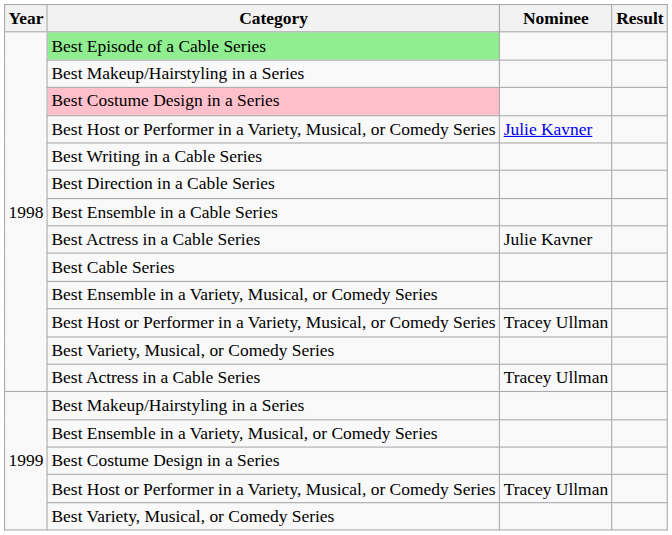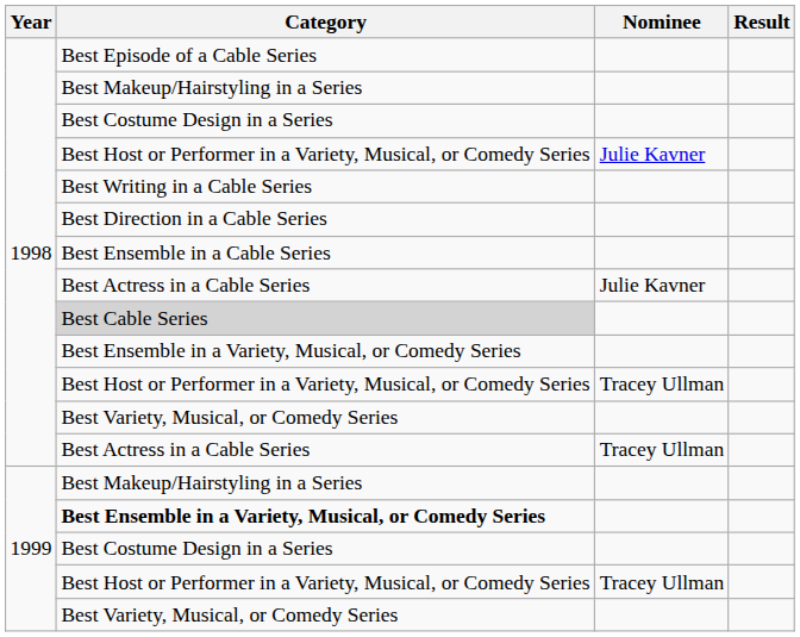 <table class="wikitable">
 <tr>
 <th>Year</th>
 <th>Category</th>
 <th>Nominee</th>
 <th>Result</th>
 </tr>
 <tr>
 <td rowspan=13>1998</td>
-<td style="background: lightgreen;">Best Episode of a Cable Series</td>
+<td>Best Episode of a Cable Series</td>
 <td></td>
 <td></td>
 </tr>
 <tr>
 <td>Best Makeup/Hairstyling in a Series</td>
 <td></td>
 <td></td>
 </tr>
 <tr>
-<td style="background: pink;">Best Costume Design in a Series</td>
+<td>Best Costume Design in a Series</td>
 <td></td>
 <td></td>
 </tr>
 <tr>
 <td>Best Host or Performer in a Variety, Musical, or Comedy Series</td>
 <td><a href='#'>Julie Kavner</a></td>
 <td></td>
 </tr>
 <tr>
 <td>Best Writing in a Cable Series</td>
 <td></td>
 <td></td>
 </tr>
 <tr>
 <td>Best Direction in a Cable Series</td>
 <td></td>
 <td></td>
 </tr>
 <tr>
 <td>Best Ensemble in a Cable Series</td>
 <td></td>
 <td></td>
 </tr>
 <tr>
 <td>Best Actress in a Cable Series</td>
 <td>Julie Kavner</td>
 <td></td>
 </tr>
 <tr>
-<td>Best Cable Series</td>
+<td style="background: lightgrey;">Best Cable Series</td>
 <td></td>
 <td></td>
 </tr>
 <tr>
 <td>Best Ensemble in a Variety, Musical, or Comedy Series</td>
 <td></td>
 <td></td>
 </tr>
 <tr>
 <td>Best Host or Performer in a Variety, Musical, or Comedy Series</td>
 <td>Tracey Ullman</td>
 <td></td>
 </tr>
 <tr>
 <td>Best Variety, Musical, or Comedy Series</td>
 <td></td>
 <td></td>
 </tr>
 <tr>
 <td>Best Actress in a Cable Series</td>
 <td>Tracey Ullman</td>
 <td></td>
 </tr>
 <tr>
 <td rowspan=5>1999</td>
 <td>Best Makeup/Hairstyling in a Series</td>
 <td></td>
 <td></td>
 </tr>
 <tr>
-<td>Best Ensemble in a Variety, Musical, or Comedy Series</td>
+<td><strong>Best Ensemble in a Variety, Musical, or Comedy Series</strong></td>
 <td></td>
 <td></td>
 </tr>
 <tr>
 <td>Best Costume Design in a Series</td>
 <td></td>
 <td></td>
 </tr>
 <tr>
 <td>Best Host or Performer in a Variety, Musical, or Comedy Series</td>
 <td>Tracey Ullman</td>
 <td></td>
 </tr>
 <tr>
 <td>Best Variety, Musical, or Comedy Series</td>
 <td></td>
 <td></td>
 </tr>
 </table>
